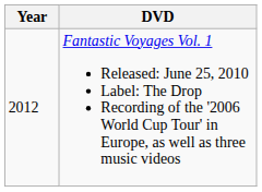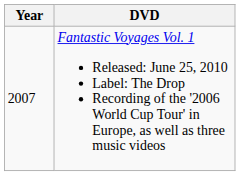 <table class="wikitable" border="1">
 <tr>
 <th width="50">Year</th>
 <th width="200">DVD</th>
 </tr>
 <tr>
-<td>2012</td>
+<td>2007</td>
 <td><em><a href='#'>Fantastic Voyages Vol. 1</a></em><br><ul><li>Released: June 25, 2010</li><li>Label: The Drop</li><li>Recording of the '2006 World Cup Tour' in Europe, as well as three music videos</li></ul></td>
 </tr>
 </table>
